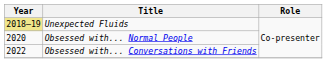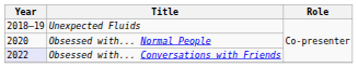 <table class="wikitable">
 <tr>
 <th>Year</th>
 <th>Title</th>
 <th>Role</th>
 </tr>
 <tr>
-<td style="background: khaki;">2018–19</td>
+<td>2018–19</td>
 <td><em>Unexpected Fluids</em></td>
 <td rowspan="3">Co-presenter</td>
 </tr>
 <tr>
 <td>2020</td>
 <td><em>Obsessed with... <a href='#'>Normal People</a></em></td>
 </tr>
 <tr>
-<td>2022</td>
+<td style="background: lavender;">2022</td>
 <td><em>Obsessed with... <a href='#'>Conversations with Friends</a></em></td>
 </tr>
 <tr>
 </tr>
 </table>
